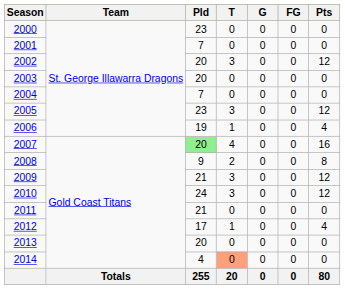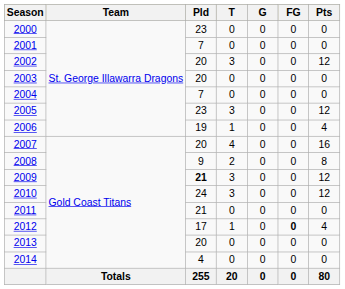 <table class="wikitable" style="border-collapse:collapse;text-align:center">
 <tr bgcolor=#bdb76b>
 <th>Season</th>
 <th>Team</th>
 <th width="40">Pld</th>
 <th width="40">T</th>
 <th width="40">G</th>
 <th width="40">FG</th>
 <th width="40">Pts</th>
 </tr>
 <tr>
 <td><a href='#'>2000</a></td>
 <td rowspan="7" align="left"> <a href='#'>St. George Illawarra Dragons</a></td>
 <td>23</td>
 <td>0</td>
 <td>0</td>
 <td>0</td>
 <td>0</td>
 </tr>
 <tr>
 <td><a href='#'>2001</a></td>
 <td>7</td>
 <td>0</td>
 <td>0</td>
 <td>0</td>
 <td>0</td>
 </tr>
 <tr>
 <td><a href='#'>2002</a></td>
 <td>20</td>
 <td>3</td>
 <td>0</td>
 <td>0</td>
 <td>12</td>
 </tr>
 <tr>
 <td><a href='#'>2003</a></td>
 <td>20</td>
 <td>0</td>
 <td>0</td>
 <td>0</td>
 <td>0</td>
 </tr>
 <tr>
 <td><a href='#'>2004</a></td>
 <td>7</td>
 <td>0</td>
 <td>0</td>
 <td>0</td>
 <td>0</td>
 </tr>
 <tr>
 <td><a href='#'>2005</a></td>
 <td>23</td>
 <td>3</td>
 <td>0</td>
 <td>0</td>
 <td>12</td>
 </tr>
 <tr>
 <td><a href='#'>2006</a></td>
 <td>19</td>
 <td>1</td>
 <td>0</td>
 <td>0</td>
 <td>4</td>
 </tr>
 <tr>
 <td><a href='#'>2007</a></td>
 <td rowspan="8" align="left"> <a href='#'>Gold Coast Titans</a></td>
-<td style="background: lightgreen;">20</td>
+<td>20</td>
 <td>4</td>
 <td>0</td>
 <td>0</td>
 <td>16</td>
 </tr>
 <tr>
 <td><a href='#'>2008</a></td>
 <td>9</td>
 <td>2</td>
 <td>0</td>
 <td>0</td>
 <td>8</td>
 </tr>
 <tr>
 <td><a href='#'>2009</a></td>
-<td>21</td>
+<td><strong>21</strong></td>
 <td>3</td>
 <td>0</td>
 <td>0</td>
 <td>12</td>
 </tr>
 <tr>
 <td><a href='#'>2010</a></td>
 <td>24</td>
 <td>3</td>
 <td>0</td>
 <td>0</td>
 <td>12</td>
 </tr>
 <tr>
 <td><a href='#'>2011</a></td>
 <td>21</td>
 <td>0</td>
 <td>0</td>
 <td>0</td>
 <td>0</td>
 </tr>
 <tr>
 <td><a href='#'>2012</a></td>
 <td>17</td>
 <td>1</td>
 <td>0</td>
-<td>0</td>
+<td><strong>0</strong></td>
 <td>4</td>
 </tr>
 <tr>
 <td><a href='#'>2013</a></td>
 <td>20</td>
 <td>0</td>
 <td>0</td>
 <td>0</td>
 <td>0</td>
 </tr>
 <tr>
 <td><a href='#'>2014</a></td>
 <td>4</td>
-<td style="background: lightsalmon;">0</td>
+<td>0</td>
 <td>0</td>
 <td>0</td>
 <td>0</td>
 </tr>
 <tr>
 <th></th>
 <th>Totals</th>
 <th>255</th>
 <th>20</th>
 <th>0</th>
 <th>0</th>
 <th>80</th>
 </tr>
 </table>
